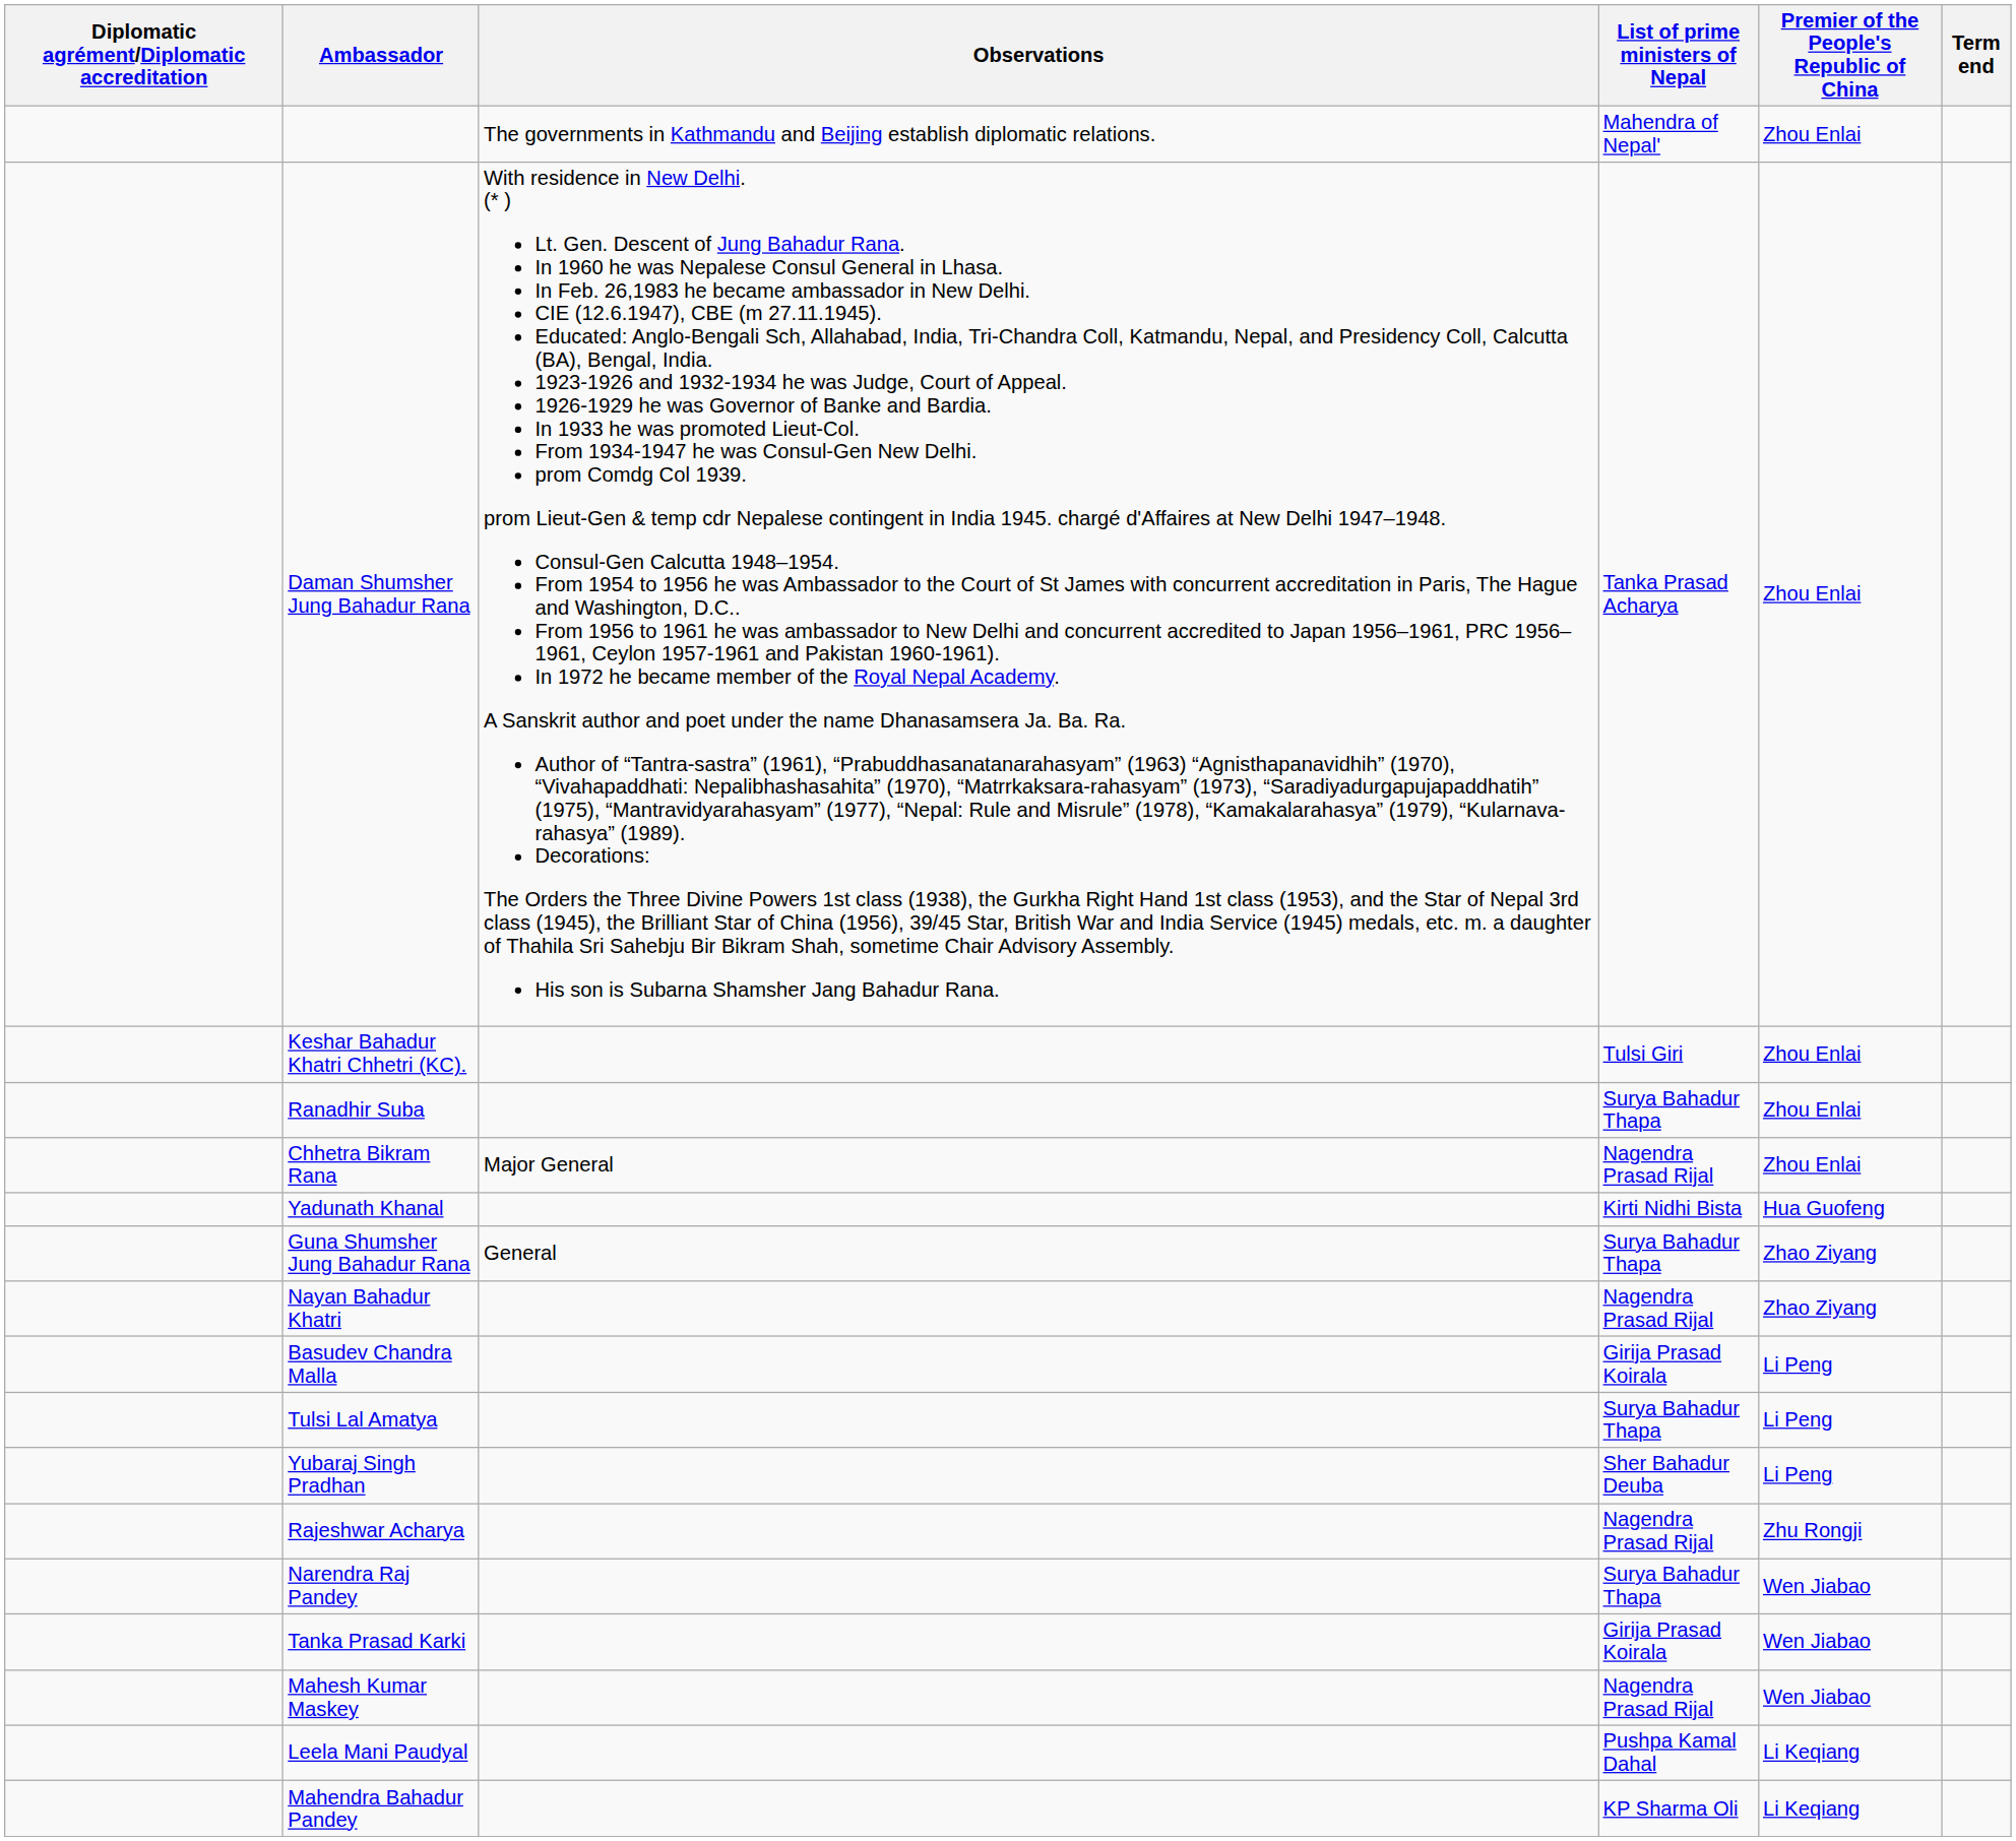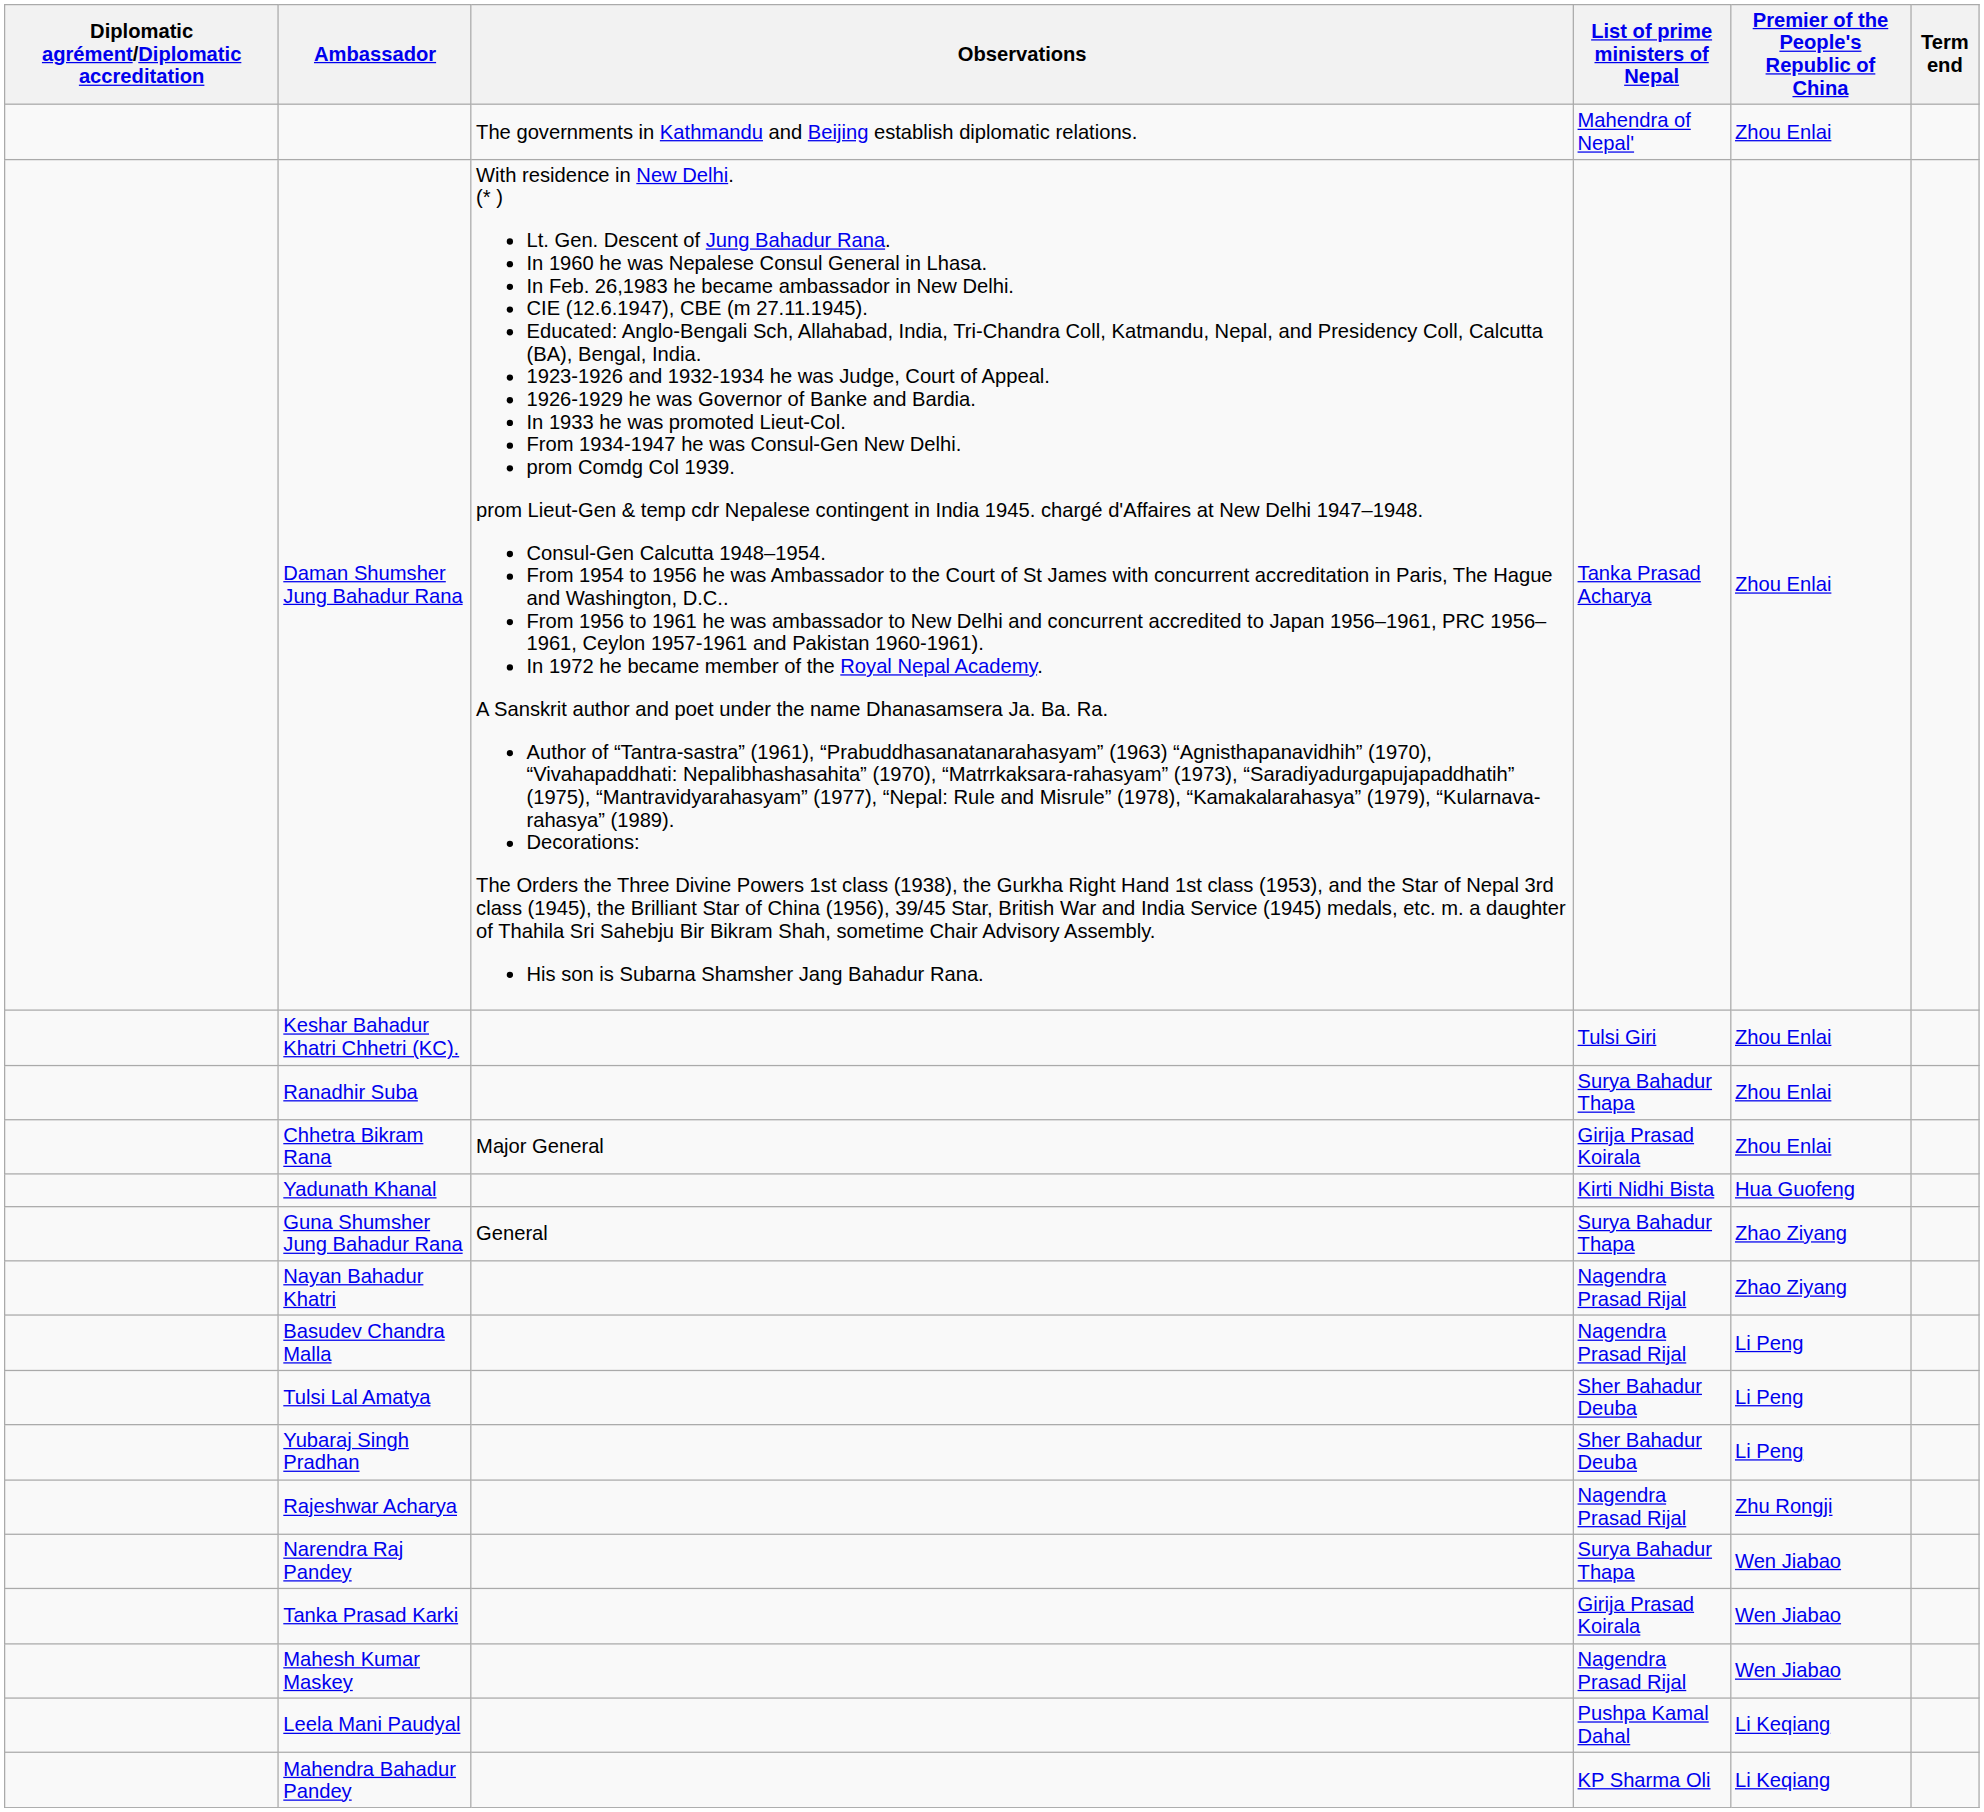 <table class="wikitable sortable">
 <tr>
 <th>Diplomatic <a href='#'>agrément</a>/<a href='#'>Diplomatic accreditation</a></th>
 <th><a href='#'>Ambassador</a></th>
 <th>Observations</th>
 <th><a href='#'>List of prime ministers of Nepal</a></th>
 <th><a href='#'>Premier of the People's Republic of China</a></th>
 <th>Term end</th>
 </tr>
 <tr>
 <td></td>
 <td></td>
 <td>The governments in <a href='#'>Kathmandu</a> and <a href='#'>Beijing</a> establish diplomatic relations.</td>
 <td><a href='#'>Mahendra of Nepal'</a></td>
 <td><a href='#'>Zhou Enlai</a></td>
 <td></td>
 </tr>
 <tr>
 <td></td>
 <td><a href='#'>Daman Shumsher Jung Bahadur Rana</a></td>
 <td>With residence in <a href='#'>New Delhi</a>.<br>(* )<ul><li>Lt. Gen. Descent of <a href='#'>Jung Bahadur Rana</a>.</li><li>In 1960 he was Nepalese Consul General in Lhasa.</li><li>In Feb. 26,1983 he became ambassador in New Delhi.</li><li>CIE (12.6.1947), CBE (m 27.11.1945).</li><li>Educated: Anglo-Bengali Sch, Allahabad, India, Tri-Chandra Coll, Katmandu, Nepal, and Presidency Coll, Calcutta (BA), Bengal, India.</li><li>1923-1926 and 1932-1934 he was Judge, Court of Appeal.</li><li>1926-1929 he was Governor of Banke and Bardia.</li><li>In 1933 he was promoted Lieut-Col.</li><li>From 1934-1947 he was Consul-Gen New Delhi.</li><li>prom Comdg Col 1939.</li></ul>prom Lieut-Gen & temp cdr Nepalese contingent in India 1945. chargé d'Affaires at New Delhi 1947–1948.<ul><li>Consul-Gen Calcutta 1948–1954.</li><li>From 1954 to 1956 he was Ambassador to the Court of St James with concurrent accreditation in Paris, The Hague and Washington, D.C..</li><li>From 1956 to 1961 he was ambassador to New Delhi and concurrent accredited to Japan 1956–1961, PRC 1956–1961, Ceylon 1957-1961 and Pakistan 1960-1961).</li><li>In 1972 he became member of the <a href='#'>Royal Nepal Academy</a>.</li></ul>A Sanskrit author and poet under the name Dhanasamsera Ja. Ba. Ra.<ul><li>Author of “Tantra-sastra” (1961), “Prabuddhasanatanarahasyam” (1963) “Agnisthapanavidhih” (1970), “Vivahapaddhati: Nepalibhashasahita” (1970), “Matrrkaksara-rahasyam” (1973), “Saradiyadurgapujapaddhatih” (1975), “Mantravidyarahasyam” (1977), “Nepal: Rule and Misrule” (1978), “Kamakalarahasya” (1979), “Kularnava-rahasya” (1989).</li><li>Decorations:</li></ul>The Orders the Three Divine Powers 1st class (1938), the Gurkha Right Hand 1st class (1953), and the Star of Nepal 3rd class (1945), the Brilliant Star of China (1956), 39/45 Star, British War and India Service (1945) medals, etc. m. a daughter of Thahila Sri Sahebju Bir Bikram Shah, sometime Chair Advisory Assembly.<ul><li>His son is Subarna Shamsher Jang Bahadur Rana.</li></ul></td>
 <td><a href='#'>Tanka Prasad Acharya</a></td>
 <td><a href='#'>Zhou Enlai</a></td>
 <td></td>
 </tr>
 <tr>
 <td></td>
 <td><a href='#'>Keshar Bahadur Khatri Chhetri (KC).</a></td>
 <td></td>
 <td><a href='#'>Tulsi Giri</a></td>
 <td><a href='#'>Zhou Enlai</a></td>
 <td></td>
 </tr>
 <tr>
 <td></td>
 <td><a href='#'>Ranadhir Suba</a></td>
 <td></td>
 <td><a href='#'>Surya Bahadur Thapa</a></td>
 <td><a href='#'>Zhou Enlai</a></td>
 <td></td>
 </tr>
 <tr>
 <td></td>
 <td><a href='#'>Chhetra Bikram Rana</a></td>
 <td>Major General</td>
-<td><a href='#'>Nagendra Prasad Rijal</a></td>
+<td><a href='#'>Girija Prasad Koirala</a></td>
 <td><a href='#'>Zhou Enlai</a></td>
 <td></td>
 </tr>
 <tr>
 <td></td>
 <td><a href='#'>Yadunath Khanal</a></td>
 <td></td>
 <td><a href='#'>Kirti Nidhi Bista</a></td>
 <td><a href='#'>Hua Guofeng</a></td>
 <td></td>
 </tr>
 <tr>
 <td></td>
 <td><a href='#'>Guna Shumsher Jung Bahadur Rana</a></td>
 <td>General</td>
 <td><a href='#'>Surya Bahadur Thapa</a></td>
 <td><a href='#'>Zhao Ziyang</a></td>
 <td></td>
 </tr>
 <tr>
 <td></td>
 <td><a href='#'>Nayan Bahadur Khatri</a></td>
 <td></td>
 <td><a href='#'>Nagendra Prasad Rijal</a></td>
 <td><a href='#'>Zhao Ziyang</a></td>
 <td></td>
 </tr>
 <tr>
 <td></td>
 <td><a href='#'>Basudev Chandra Malla</a></td>
 <td></td>
-<td><a href='#'>Girija Prasad Koirala</a></td>
+<td><a href='#'>Nagendra Prasad Rijal</a></td>
 <td><a href='#'>Li Peng</a></td>
 <td></td>
 </tr>
 <tr>
 <td></td>
 <td><a href='#'>Tulsi Lal Amatya</a></td>
 <td></td>
-<td><a href='#'>Surya Bahadur Thapa</a></td>
+<td><a href='#'>Sher Bahadur Deuba</a></td>
 <td><a href='#'>Li Peng</a></td>
 <td></td>
 </tr>
 <tr>
 <td></td>
 <td><a href='#'>Yubaraj Singh Pradhan</a></td>
 <td></td>
 <td><a href='#'>Sher Bahadur Deuba</a></td>
 <td><a href='#'>Li Peng</a></td>
 <td></td>
 </tr>
 <tr>
 <td></td>
 <td><a href='#'>Rajeshwar Acharya</a></td>
 <td></td>
 <td><a href='#'>Nagendra Prasad Rijal</a></td>
 <td><a href='#'>Zhu Rongji</a></td>
 <td></td>
 </tr>
 <tr>
 <td></td>
 <td><a href='#'>Narendra Raj Pandey</a></td>
 <td></td>
 <td><a href='#'>Surya Bahadur Thapa</a></td>
 <td><a href='#'>Wen Jiabao</a></td>
 <td></td>
 </tr>
 <tr>
 <td></td>
 <td><a href='#'>Tanka Prasad Karki</a></td>
 <td></td>
 <td><a href='#'>Girija Prasad Koirala</a></td>
 <td><a href='#'>Wen Jiabao</a></td>
 <td></td>
 </tr>
 <tr>
 <td></td>
 <td><a href='#'>Mahesh Kumar Maskey</a></td>
 <td></td>
 <td><a href='#'>Nagendra Prasad Rijal</a></td>
 <td><a href='#'>Wen Jiabao</a></td>
 <td></td>
 </tr>
 <tr>
 <td></td>
 <td><a href='#'>Leela Mani Paudyal</a></td>
 <td></td>
 <td><a href='#'>Pushpa Kamal Dahal</a></td>
 <td><a href='#'>Li Keqiang</a></td>
 <td></td>
 </tr>
 <tr>
 <td></td>
 <td><a href='#'>Mahendra Bahadur Pandey</a></td>
 <td></td>
 <td><a href='#'>KP Sharma Oli</a></td>
 <td><a href='#'>Li Keqiang</a></td>
 <td></td>
 </tr>
 </table>
